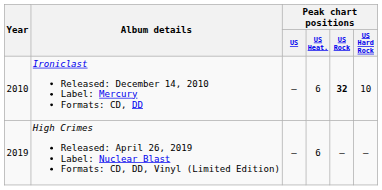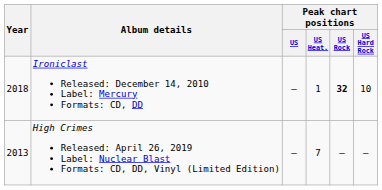 <table class="wikitable" border="1">
 <tr>
 <th rowspan="2">Year</th>
 <th rowspan="2">Album details</th>
 <th colspan="4">Peak chart positions</th>
 </tr>
 <tr>
 <th style="width:3em;font-size:75%"><a href='#'>US</a></th>
 <th style="width:3em;font-size:75%"><a href='#'>US<br>Heat.</a></th>
 <th style="width:3em;font-size:75%"><a href='#'>US<br>Rock</a></th>
 <th style="width:3em;font-size:75%"><a href='#'>US<br>Hard Rock</a></th>
 </tr>
 <tr>
-<td align="center">2010</td>
+<td align="center">2018</td>
 <td><em><a href='#'>Ironiclast</a></em><br><ul><li>Released: December 14, 2010</li><li>Label: <a href='#'>Mercury</a></li><li>Formats: CD, <a href='#'>DD</a></li></ul></td>
 <td align="center">–</td>
-<td align="center">6</td>
+<td align="center">1</td>
 <td align="center"><strong>32</strong></td>
 <td align="center">10</td>
 </tr>
 <tr>
-<td align="center">2019</td>
+<td align="center">2013</td>
 <td><em>High Crimes</em><br><ul><li>Released: April 26, 2019</li><li>Label: <a href='#'>Nuclear Blast</a></li><li>Formats: CD, DD, Vinyl (Limited Edition)</li></ul></td>
 <td align="center">–</td>
-<td align="center">6</td>
+<td align="center">7</td>
 <td align="center">–</td>
 <td align="center">–</td>
 </tr>
 </table>
